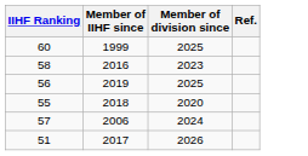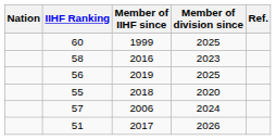 <table class="wikitable sortable" style="text-align:center">
 <tr>
+<th>Nation</th>
 <th><a href='#'>IIHF Ranking</a><br></th>
 <th>Member of<br>IIHF since</th>
 <th>Member of<br>division since</th>
 <th class="unsortable">Ref.</th>
 </tr>
 <tr>
+<td align="left"></td>
 <td>60</td>
 <td>1999</td>
 <td> 2025</td>
 <td></td>
 </tr>
 <tr>
+<td align="left"></td>
 <td>58</td>
 <td>2016</td>
 <td> 2023</td>
 <td></td>
 </tr>
 <tr>
+<td align="left"></td>
 <td>56</td>
 <td>2019</td>
 <td> 2025</td>
 <td></td>
 </tr>
 <tr>
+<td align="left"></td>
 <td>55</td>
 <td>2018</td>
 <td> 2020</td>
 <td></td>
 </tr>
 <tr>
+<td align="left"></td>
 <td>57</td>
 <td>2006</td>
 <td> 2024</td>
 <td></td>
 </tr>
 <tr>
+<td align="left"></td>
 <td>51</td>
 <td>2017</td>
 <td> 2026</td>
 <td></td>
 </tr>
 </table>
